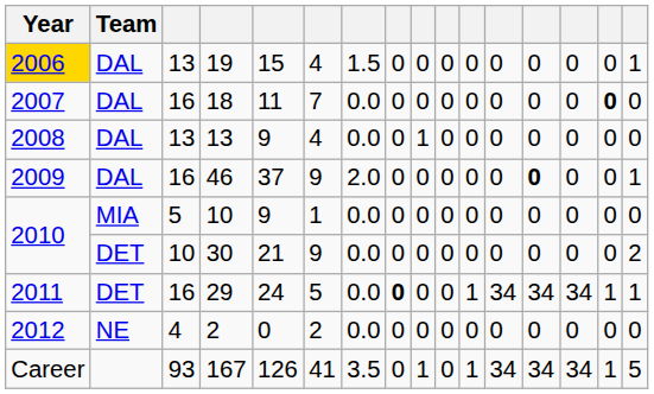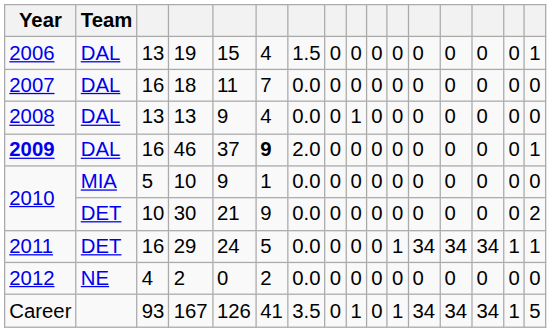 <table class="wikitable sortable">
 <tr>
 <th>Year</th>
 <th>Team</th>
 <th></th>
 <th></th>
 <th></th>
 <th></th>
 <th></th>
 <th></th>
 <th></th>
 <th></th>
 <th></th>
 <th></th>
 <th></th>
 <th></th>
 <th></th>
 <th></th>
 </tr>
 <tr>
-<td style="background: gold;"><a href='#'>2006</a></td>
+<td><a href='#'>2006</a></td>
 <td><a href='#'>DAL</a></td>
 <td>13</td>
 <td>19</td>
 <td>15</td>
 <td>4</td>
 <td>1.5</td>
 <td>0</td>
 <td>0</td>
 <td>0</td>
 <td>0</td>
 <td>0</td>
 <td>0</td>
 <td>0</td>
 <td>0</td>
 <td>1</td>
 </tr>
 <tr>
 <td><a href='#'>2007</a></td>
 <td><a href='#'>DAL</a></td>
 <td>16</td>
 <td>18</td>
 <td>11</td>
 <td>7</td>
 <td>0.0</td>
 <td>0</td>
 <td>0</td>
 <td>0</td>
 <td>0</td>
 <td>0</td>
 <td>0</td>
 <td>0</td>
-<td><strong>0</strong></td>
+<td>0</td>
 <td>0</td>
 </tr>
 <tr>
 <td><a href='#'>2008</a></td>
 <td><a href='#'>DAL</a></td>
 <td>13</td>
 <td>13</td>
 <td>9</td>
 <td>4</td>
 <td>0.0</td>
 <td>0</td>
 <td>1</td>
 <td>0</td>
 <td>0</td>
 <td>0</td>
 <td>0</td>
 <td>0</td>
 <td>0</td>
 <td>0</td>
 </tr>
 <tr>
-<td><a href='#'>2009</a></td>
+<td><strong><a href='#'>2009</a></strong></td>
 <td><a href='#'>DAL</a></td>
 <td>16</td>
 <td>46</td>
 <td>37</td>
-<td>9</td>
+<td><strong>9</strong></td>
 <td>2.0</td>
 <td>0</td>
 <td>0</td>
 <td>0</td>
 <td>0</td>
 <td>0</td>
-<td><strong>0</strong></td>
+<td>0</td>
 <td>0</td>
 <td>0</td>
 <td>1</td>
 </tr>
 <tr>
 <td rowspan="2"><a href='#'>2010</a></td>
 <td><a href='#'>MIA</a></td>
 <td>5</td>
 <td>10</td>
 <td>9</td>
 <td>1</td>
 <td>0.0</td>
 <td>0</td>
 <td>0</td>
 <td>0</td>
 <td>0</td>
 <td>0</td>
 <td>0</td>
 <td>0</td>
 <td>0</td>
 <td>0</td>
 </tr>
 <tr>
 <td><a href='#'>DET</a></td>
 <td>10</td>
 <td>30</td>
 <td>21</td>
 <td>9</td>
 <td>0.0</td>
 <td>0</td>
 <td>0</td>
 <td>0</td>
 <td>0</td>
 <td>0</td>
 <td>0</td>
 <td>0</td>
 <td>0</td>
 <td>2</td>
 </tr>
 <tr>
 <td><a href='#'>2011</a></td>
 <td><a href='#'>DET</a></td>
 <td>16</td>
 <td>29</td>
 <td>24</td>
 <td>5</td>
 <td>0.0</td>
-<td><strong>0</strong></td>
+<td>0</td>
 <td>0</td>
 <td>0</td>
 <td>1</td>
 <td>34</td>
 <td>34</td>
 <td>34</td>
 <td>1</td>
 <td>1</td>
 </tr>
 <tr>
 <td><a href='#'>2012</a></td>
 <td><a href='#'>NE</a></td>
 <td>4</td>
 <td>2</td>
 <td>0</td>
 <td>2</td>
 <td>0.0</td>
 <td>0</td>
 <td>0</td>
 <td>0</td>
 <td>0</td>
 <td>0</td>
 <td>0</td>
 <td>0</td>
 <td>0</td>
 <td>0</td>
 </tr>
 <tr>
 <td>Career</td>
 <td></td>
 <td>93</td>
 <td>167</td>
 <td>126</td>
 <td>41</td>
 <td>3.5</td>
 <td>0</td>
 <td>1</td>
 <td>0</td>
 <td>1</td>
 <td>34</td>
 <td>34</td>
 <td>34</td>
 <td>1</td>
 <td>5</td>
 </tr>
 </table>
